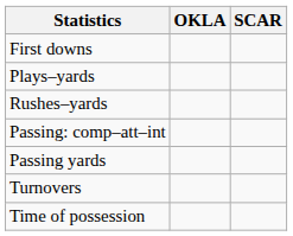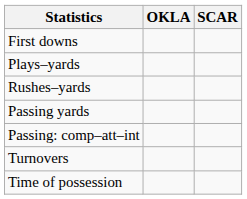 <table class="wikitable" style="float:left">
 <tr>
 <th>Statistics</th>
 <th>OKLA</th>
 <th>SCAR</th>
 </tr>
 <tr>
 <td>First downs</td>
 <td></td>
 <td></td>
 </tr>
 <tr>
 <td>Plays–yards</td>
 <td></td>
 <td></td>
 </tr>
 <tr>
 <td>Rushes–yards</td>
 <td></td>
 <td></td>
 </tr>
 <tr>
-<td>Passing: comp–att–int</td>
+<td>Passing yards</td>
 <td></td>
 <td></td>
 </tr>
 <tr>
-<td>Passing yards</td>
+<td>Passing: comp–att–int</td>
 <td></td>
 <td></td>
 </tr>
 <tr>
 <td>Turnovers</td>
 <td></td>
 <td></td>
 </tr>
 <tr>
 <td>Time of possession</td>
 <td></td>
 <td></td>
 </tr>
 </table>
